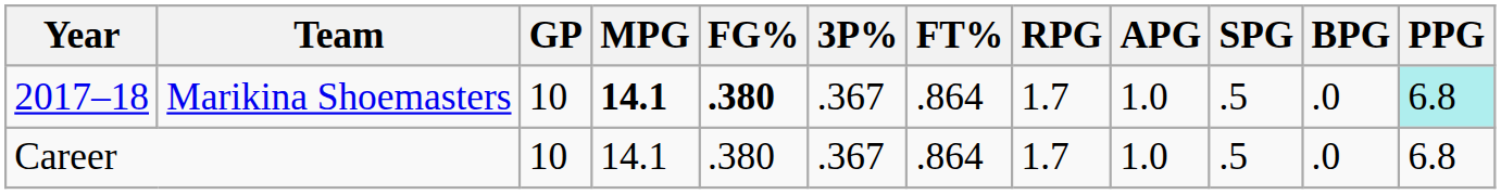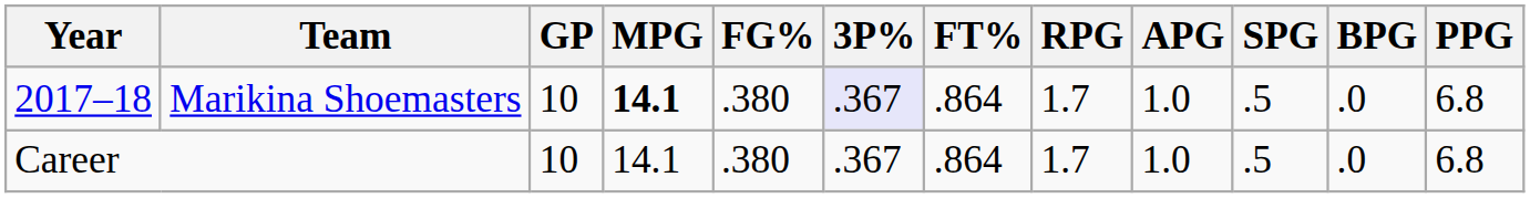 <table class="wikitable sortable">
 <tr>
 <th>Year</th>
 <th>Team</th>
 <th>GP</th>
 <th>MPG</th>
 <th>FG%</th>
 <th>3P%</th>
 <th>FT%</th>
 <th>RPG</th>
 <th>APG</th>
 <th>SPG</th>
 <th>BPG</th>
 <th>PPG</th>
 </tr>
 <tr>
 <td><a href='#'>2017–18</a></td>
 <td><a href='#'>Marikina Shoemasters</a></td>
 <td>10</td>
 <td><strong>14.1</strong></td>
-<td><strong>.380</strong></td>
-<td>.367</td>
+<td>.380</td>
+<td style="background: lavender;">.367</td>
 <td>.864</td>
 <td>1.7</td>
 <td>1.0</td>
 <td>.5</td>
 <td>.0</td>
-<td style="background: paleturquoise;">6.8</td>
+<td>6.8</td>
 </tr>
 <tr>
 <td colspan="2">Career</td>
 <td>10</td>
 <td>14.1</td>
 <td>.380</td>
 <td>.367</td>
 <td>.864</td>
 <td>1.7</td>
 <td>1.0</td>
 <td>.5</td>
 <td>.0</td>
 <td>6.8</td>
 </tr>
 </table>
